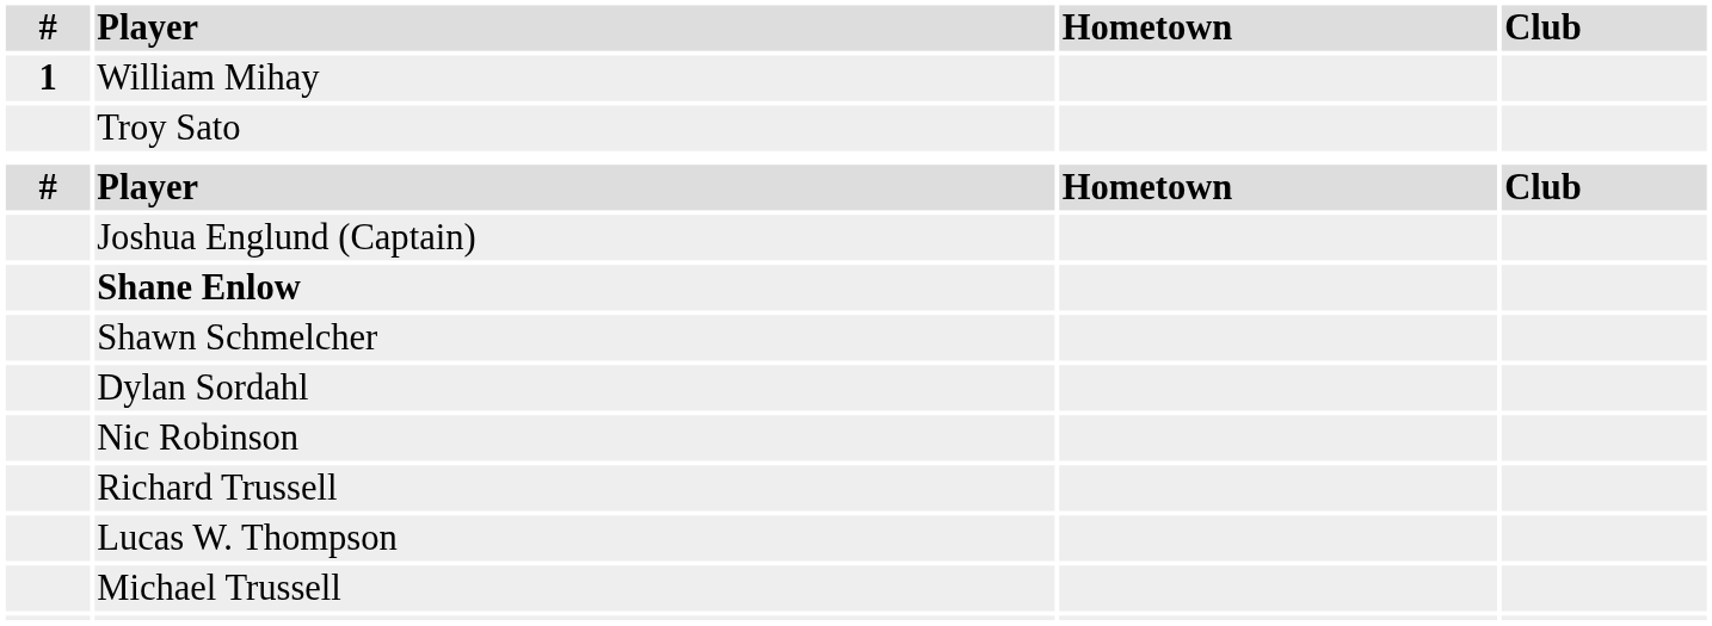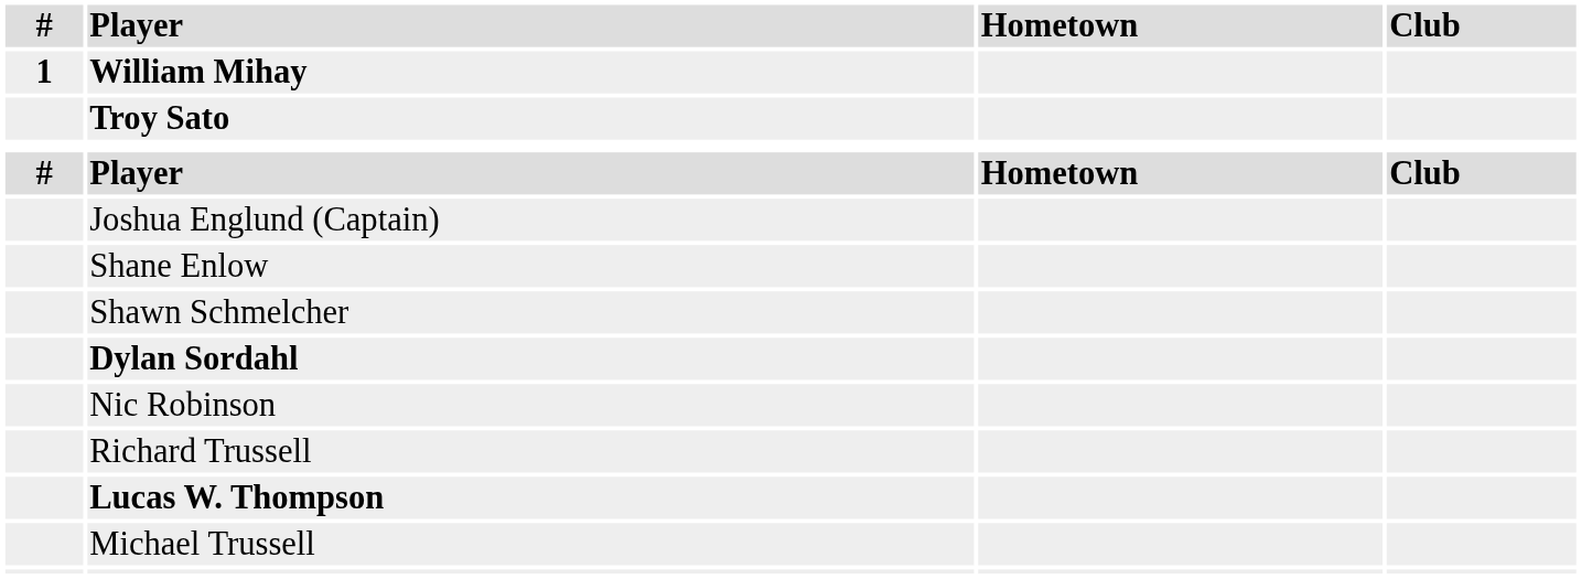 <table width=750>
 <tr>
 <th colspan=9></th>
 </tr>
 <tr bgcolor="#dddddd">
 <th width=5%>#</th>
 <td align=left!!width=35%><strong>Player</strong></td>
 <td align=center!!width=20%><strong>Hometown</strong></td>
 <td align=center!!width=35%><strong>Club</strong></td>
 </tr>
 <tr bgcolor="#eeeeee">
 <td align=center><strong>1</strong></td>
-<td>William Mihay</td>
+<td><strong>William Mihay</strong></td>
 <td></td>
 <td></td>
 </tr>
 <tr bgcolor="#eeeeee">
 <td align=center></td>
-<td>Troy Sato</td>
+<td><strong>Troy Sato</strong></td>
 <td></td>
 <td></td>
 </tr>
 <tr>
 <th colspan=9></th>
 </tr>
 <tr bgcolor="#dddddd">
 <th width=5%>#</th>
 <td align=left!!width=35%><strong>Player</strong></td>
 <td align=center!!width=20%><strong>Hometown</strong></td>
 <td align=center!!width=35%><strong>Club</strong></td>
 </tr>
 <tr bgcolor="#eeeeee">
 <td align=center></td>
 <td>Joshua Englund (Captain)</td>
 <td></td>
 <td></td>
 </tr>
 <tr bgcolor="#eeeeee">
 <td align=center></td>
-<td><strong>Shane Enlow</strong></td>
+<td>Shane Enlow</td>
 <td></td>
 <td></td>
 </tr>
 <tr bgcolor="#eeeeee">
 <td align=center></td>
 <td>Shawn Schmelcher</td>
 <td></td>
 <td></td>
 </tr>
 <tr bgcolor="#eeeeee">
 <td align=center></td>
-<td>Dylan Sordahl</td>
+<td><strong>Dylan Sordahl</strong></td>
 <td></td>
 <td></td>
 </tr>
 <tr bgcolor="#eeeeee">
 <td align=center></td>
 <td>Nic Robinson</td>
 <td></td>
 <td></td>
 </tr>
 <tr bgcolor="#eeeeee">
 <td align=center></td>
 <td>Richard Trussell</td>
 <td></td>
 <td></td>
 </tr>
 <tr bgcolor="#eeeeee">
 <td align=center></td>
-<td>Lucas W. Thompson</td>
+<td><strong>Lucas W. Thompson</strong></td>
 <td></td>
 <td></td>
 </tr>
 <tr bgcolor="#eeeeee">
 <td align=center></td>
 <td>Michael Trussell</td>
 <td></td>
 <td></td>
 </tr>
 <tr bgcolor="#eeeeee">
 <td align=center></td>
 <td></td>
 <td></td>
 <td></td>
 </tr>
 </table>
